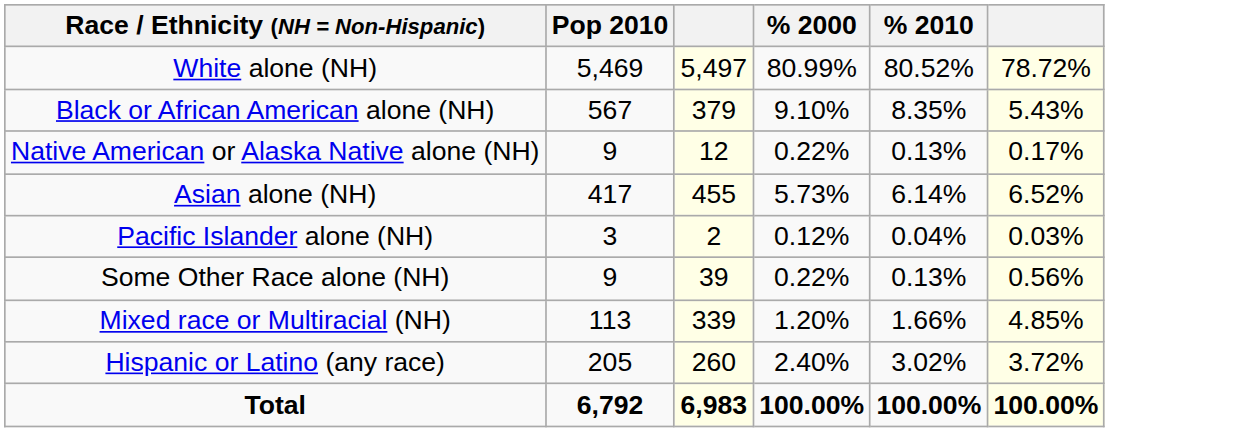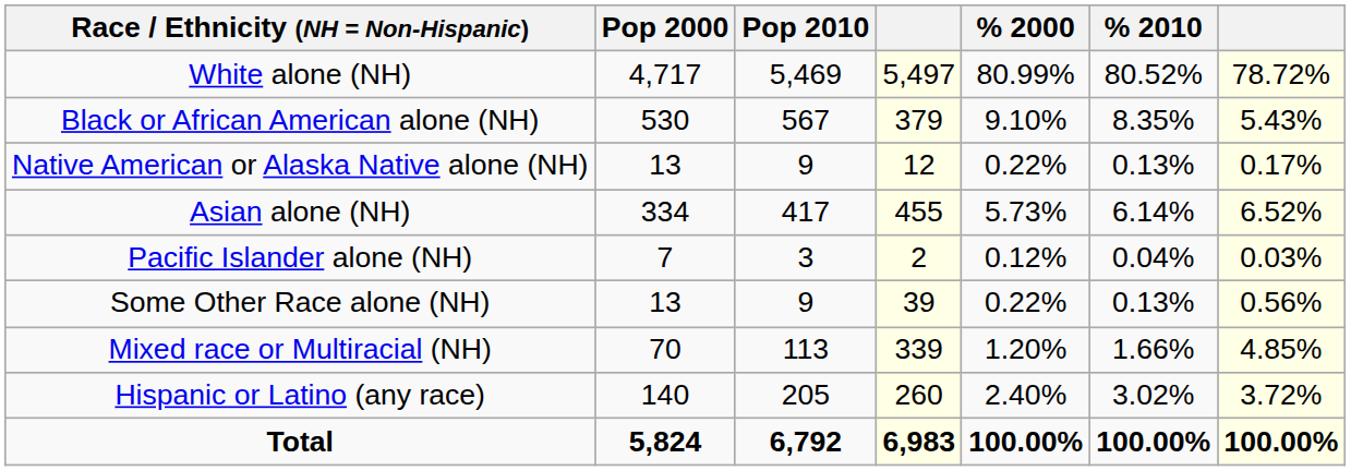 <table class="wikitable" style="text-align:center;">
 <tr>
 <th>Race / Ethnicity <small>(<em>NH = Non-Hispanic</em>)</small></th>
+<th>Pop 2000</th>
 <th>Pop 2010</th>
 <th></th>
 <th>% 2000</th>
 <th>% 2010</th>
 <th></th>
 </tr>
 <tr>
 <td><a href='#'>White</a> alone (NH)</td>
+<td>4,717</td>
 <td>5,469</td>
 <td style='background: #ffffe6;'>5,497</td>
 <td>80.99%</td>
 <td>80.52%</td>
 <td style='background: #ffffe6;'>78.72%</td>
 </tr>
 <tr>
 <td><a href='#'>Black or African American</a> alone (NH)</td>
+<td>530</td>
 <td>567</td>
 <td style='background: #ffffe6;'>379</td>
 <td>9.10%</td>
 <td>8.35%</td>
 <td style='background: #ffffe6;'>5.43%</td>
 </tr>
 <tr>
 <td><a href='#'>Native American</a> or <a href='#'>Alaska Native</a> alone (NH)</td>
+<td>13</td>
 <td>9</td>
 <td style='background: #ffffe6;'>12</td>
 <td>0.22%</td>
 <td>0.13%</td>
 <td style='background: #ffffe6;'>0.17%</td>
 </tr>
 <tr>
 <td><a href='#'>Asian</a> alone (NH)</td>
+<td>334</td>
 <td>417</td>
 <td style='background: #ffffe6;'>455</td>
 <td>5.73%</td>
 <td>6.14%</td>
 <td style='background: #ffffe6;'>6.52%</td>
 </tr>
 <tr>
 <td><a href='#'>Pacific Islander</a> alone (NH)</td>
+<td>7</td>
 <td>3</td>
 <td style='background: #ffffe6;'>2</td>
 <td>0.12%</td>
 <td>0.04%</td>
 <td style='background: #ffffe6;'>0.03%</td>
 </tr>
 <tr>
 <td>Some Other Race alone (NH)</td>
+<td>13</td>
 <td>9</td>
 <td style='background: #ffffe6;'>39</td>
 <td>0.22%</td>
 <td>0.13%</td>
 <td style='background: #ffffe6;'>0.56%</td>
 </tr>
 <tr>
 <td><a href='#'>Mixed race or Multiracial</a> (NH)</td>
+<td>70</td>
 <td>113</td>
 <td style='background: #ffffe6;'>339</td>
 <td>1.20%</td>
 <td>1.66%</td>
 <td style='background: #ffffe6;'>4.85%</td>
 </tr>
 <tr>
 <td><a href='#'>Hispanic or Latino</a> (any race)</td>
+<td>140</td>
 <td>205</td>
 <td style='background: #ffffe6;'>260</td>
 <td>2.40%</td>
 <td>3.02%</td>
 <td style='background: #ffffe6;'>3.72%</td>
 </tr>
 <tr>
 <td><strong>Total</strong></td>
+<td><strong>5,824</strong></td>
 <td><strong>6,792</strong></td>
 <td style='background: #ffffe6;'><strong>6,983</strong></td>
 <td><strong>100.00%</strong></td>
 <td><strong>100.00%</strong></td>
 <td style='background: #ffffe6;'><strong>100.00%</strong></td>
 </tr>
 </table>
